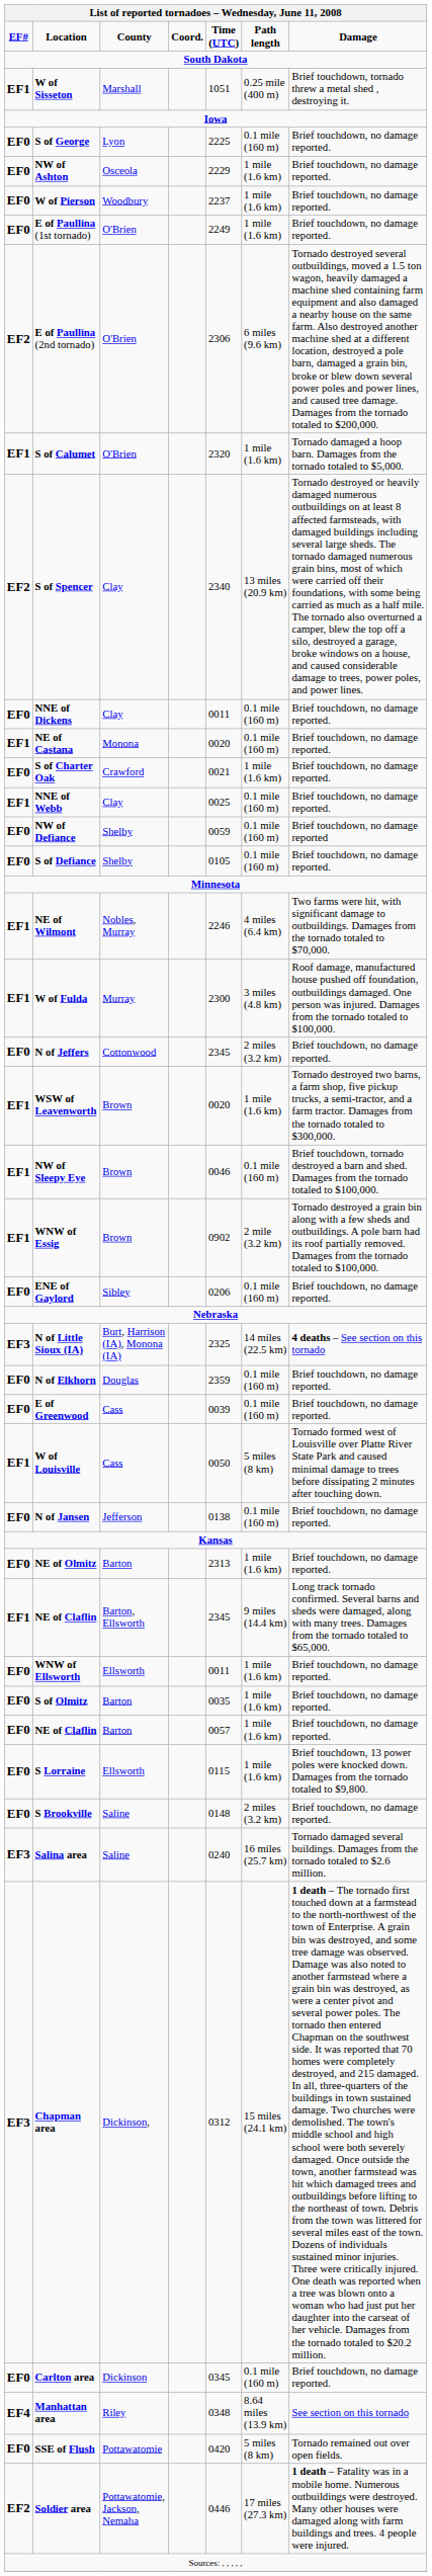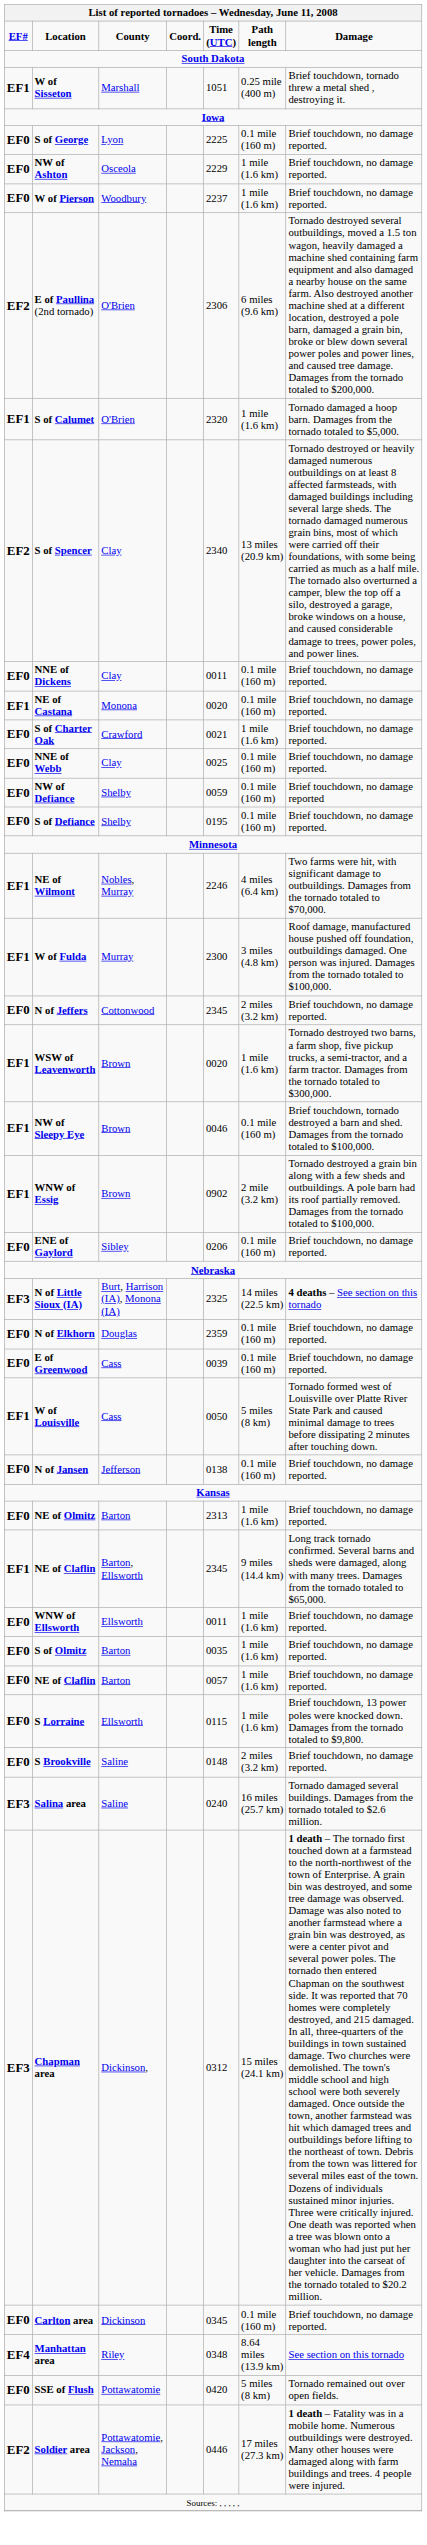 <table class="wikitable collapsible" width="100%">
 <tr>
 <th colspan="7">List of reported tornadoes – Wednesday, June 11, 2008</th>
 </tr>
 <tr>
 <td style="text-align:center;"><strong><a href='#'>EF#</a></strong></td>
 <td style="text-align:center;"><strong>Location</strong></td>
 <td style="text-align:center;"><strong>County</strong></td>
 <td style="text-align:center;"><strong>Coord.</strong></td>
 <td style="text-align:center;"><strong>Time (<a href='#'>UTC</a>)</strong></td>
 <td style="text-align:center;"><strong>Path length</strong></td>
 <td style="text-align:center;"><strong>Damage</strong></td>
 </tr>
 <tr>
 <td colspan="7" align=center><strong><a href='#'>South Dakota</a></strong></td>
 </tr>
 <tr>
 <td><big><strong>EF1</strong></big></td>
 <td><strong>W of <a href='#'>Sisseton</a></strong></td>
 <td><a href='#'>Marshall</a></td>
 <td></td>
 <td>1051</td>
 <td>0.25 mile<br>(400 m)</td>
 <td>Brief touchdown, tornado threw a metal shed , destroying it.</td>
 </tr>
 <tr>
 <td colspan="7" align=center><strong><a href='#'>Iowa</a></strong></td>
 </tr>
 <tr>
 <td><big><strong>EF0</strong></big></td>
 <td><strong>S of <a href='#'>George</a></strong></td>
 <td><a href='#'>Lyon</a></td>
 <td></td>
 <td>2225</td>
 <td>0.1 mile<br>(160 m)</td>
 <td>Brief touchdown, no damage reported.</td>
 </tr>
 <tr>
 <td><big><strong>EF0</strong></big></td>
 <td><strong>NW of <a href='#'>Ashton</a></strong></td>
 <td><a href='#'>Osceola</a></td>
 <td></td>
 <td>2229</td>
 <td>1 mile<br>(1.6 km)</td>
 <td>Brief touchdown, no damage reported.</td>
 </tr>
 <tr>
 <td><big><strong>EF0</strong></big></td>
 <td><strong>W of <a href='#'>Pierson</a></strong></td>
 <td><a href='#'>Woodbury</a></td>
 <td></td>
 <td>2237</td>
-<td>1 mile<br>(1.6 km)</td>
-<td>Brief touchdown, no damage reported.</td>
-</tr>
-<tr>
-<td><big><strong>EF0</strong></big></td>
-<td><strong>E of <a href='#'>Paullina</a></strong> (1st tornado)</td>
-<td><a href='#'>O'Brien</a></td>
-<td></td>
-<td>2249</td>
 <td>1 mile<br>(1.6 km)</td>
 <td>Brief touchdown, no damage reported.</td>
 </tr>
 <tr>
 <td><big><strong>EF2</strong></big></td>
 <td><strong>E of <a href='#'>Paullina</a></strong> (2nd tornado)</td>
 <td><a href='#'>O'Brien</a></td>
 <td></td>
 <td>2306</td>
 <td>6 miles<br>(9.6 km)</td>
 <td>Tornado destroyed several outbuildings, moved a 1.5 ton wagon, heavily damaged a machine shed containing farm equipment and also damaged a nearby house on the same farm. Also destroyed another machine shed at a different location, destroyed a pole barn, damaged a grain bin, broke or blew down several power poles and power lines, and caused tree damage. Damages from the tornado totaled to $200,000.</td>
 </tr>
 <tr>
 <td><big><strong>EF1</strong></big></td>
 <td><strong>S of <a href='#'>Calumet</a></strong></td>
 <td><a href='#'>O'Brien</a></td>
 <td></td>
 <td>2320</td>
 <td>1 mile<br>(1.6 km)</td>
 <td>Tornado damaged a hoop barn. Damages from the tornado totaled to $5,000.</td>
 </tr>
 <tr>
 <td><big><strong>EF2</strong></big></td>
 <td><strong>S of <a href='#'>Spencer</a></strong></td>
 <td><a href='#'>Clay</a></td>
 <td></td>
 <td>2340</td>
 <td>13 miles<br>(20.9 km)</td>
 <td>Tornado destroyed or heavily damaged numerous outbuildings on at least 8 affected farmsteads, with damaged buildings including several large sheds. The tornado damaged numerous grain bins, most of which were carried off their foundations, with some being carried as much as a half mile. The tornado also overturned a camper, blew the top off a silo, destroyed a garage, broke windows on a house, and caused considerable damage to trees, power poles, and power lines.</td>
 </tr>
 <tr>
 <td><big><strong>EF0</strong></big></td>
 <td><strong>NNE of <a href='#'>Dickens</a></strong></td>
 <td><a href='#'>Clay</a></td>
 <td></td>
 <td>0011</td>
 <td>0.1 mile<br>(160 m)</td>
 <td>Brief touchdown, no damage reported.</td>
 </tr>
 <tr>
 <td><big><strong>EF1</strong></big></td>
 <td><strong>NE of <a href='#'>Castana</a></strong></td>
 <td><a href='#'>Monona</a></td>
 <td></td>
 <td>0020</td>
 <td>0.1 mile<br>(160 m)</td>
 <td>Brief touchdown, no damage reported.</td>
 </tr>
 <tr>
 <td><big><strong>EF0</strong></big></td>
 <td><strong>S of <a href='#'>Charter Oak</a></strong></td>
 <td><a href='#'>Crawford</a></td>
 <td></td>
 <td>0021</td>
 <td>1 mile<br>(1.6 km)</td>
 <td>Brief touchdown, no damage reported.</td>
 </tr>
 <tr>
-<td><big><strong>EF1</strong></big></td>
+<td><big><strong>EF0</strong></big></td>
 <td><strong>NNE of <a href='#'>Webb</a></strong></td>
 <td><a href='#'>Clay</a></td>
 <td></td>
 <td>0025</td>
 <td>0.1 mile<br>(160 m)</td>
 <td>Brief touchdown, no damage reported.</td>
 </tr>
 <tr>
 <td><big><strong>EF0</strong></big></td>
 <td><strong>NW of <a href='#'>Defiance</a></strong></td>
 <td><a href='#'>Shelby</a></td>
 <td></td>
 <td>0059</td>
 <td>0.1 mile<br>(160 m)</td>
 <td>Brief touchdown, no damage reported</td>
 </tr>
 <tr>
 <td><big><strong>EF0</strong></big></td>
 <td><strong>S of <a href='#'>Defiance</a></strong></td>
 <td><a href='#'>Shelby</a></td>
 <td></td>
-<td>0105</td>
+<td>0195</td>
 <td>0.1 mile<br>(160 m)</td>
 <td>Brief touchdown, no damage reported.</td>
 </tr>
 <tr>
 <td colspan="7" align=center><strong><a href='#'>Minnesota</a></strong></td>
 </tr>
 <tr>
 <td><big><strong>EF1</strong></big></td>
 <td><strong>NE of <a href='#'>Wilmont</a></strong></td>
 <td><a href='#'>Nobles</a>, <a href='#'>Murray</a></td>
 <td></td>
 <td>2246</td>
 <td>4 miles<br>(6.4 km)</td>
 <td>Two farms were hit, with significant damage to outbuildings. Damages from the tornado totaled to $70,000.</td>
 </tr>
 <tr>
 <td><big><strong>EF1</strong></big></td>
 <td><strong>W of <a href='#'>Fulda</a></strong></td>
 <td><a href='#'>Murray</a></td>
 <td><br></td>
 <td>2300</td>
 <td>3 miles<br>(4.8 km)</td>
 <td>Roof damage, manufactured house pushed off foundation, outbuildings damaged. One person was injured. Damages from the tornado totaled to $100,000.</td>
 </tr>
 <tr>
 <td><big><strong>EF0</strong></big></td>
 <td><strong>N of <a href='#'>Jeffers</a></strong></td>
 <td><a href='#'>Cottonwood</a></td>
 <td></td>
 <td>2345</td>
 <td>2 miles<br>(3.2 km)</td>
 <td>Brief touchdown, no damage reported.</td>
 </tr>
 <tr>
 <td><big><strong>EF1</strong></big></td>
 <td><strong>WSW of <a href='#'>Leavenworth</a></strong></td>
 <td><a href='#'>Brown</a></td>
 <td></td>
 <td>0020</td>
 <td>1 mile<br>(1.6 km)</td>
 <td>Tornado destroyed two barns, a farm shop, five pickup trucks, a semi-tractor, and a farm tractor. Damages from the tornado totaled to $300,000.</td>
 </tr>
 <tr>
 <td><big><strong>EF1</strong></big></td>
 <td><strong>NW of <a href='#'>Sleepy Eye</a></strong></td>
 <td><a href='#'>Brown</a></td>
 <td></td>
 <td>0046</td>
 <td>0.1 mile<br>(160 m)</td>
 <td>Brief touchdown, tornado destroyed a barn and shed. Damages from the tornado totaled to $100,000.</td>
 </tr>
 <tr>
 <td><big><strong>EF1</strong></big></td>
 <td><strong>WNW of <a href='#'>Essig</a></strong></td>
 <td><a href='#'>Brown</a></td>
 <td></td>
 <td>0902</td>
 <td>2 mile<br>(3.2 km)</td>
 <td>Tornado destroyed a grain bin along with a few sheds and outbuildings. A pole barn had its roof partially removed. Damages from the tornado totaled to $100,000.</td>
 </tr>
 <tr>
 <td><big><strong>EF0</strong></big></td>
 <td><strong>ENE of <a href='#'>Gaylord</a></strong></td>
 <td><a href='#'>Sibley</a></td>
 <td></td>
 <td>0206</td>
 <td>0.1 mile<br>(160 m)</td>
 <td>Brief touchdown, no damage reported.</td>
 </tr>
 <tr>
 <td colspan="7" align=center><strong><a href='#'>Nebraska</a></strong></td>
 </tr>
 <tr>
 <td><big><strong>EF3</strong></big></td>
 <td><strong>N of <a href='#'>Little Sioux (IA)</a></strong></td>
 <td><a href='#'>Burt</a>, <a href='#'>Harrison (IA)</a>, <a href='#'>Monona (IA)</a></td>
 <td></td>
 <td>2325</td>
 <td>14 miles<br>(22.5 km)</td>
 <td><strong>4 deaths</strong> – <a href='#'>See section on this tornado</a></td>
 </tr>
 <tr>
 <td><big><strong>EF0</strong></big></td>
 <td><strong>N of <a href='#'>Elkhorn</a></strong></td>
 <td><a href='#'>Douglas</a></td>
 <td></td>
 <td>2359</td>
 <td>0.1 mile<br>(160 m)</td>
 <td>Brief touchdown, no damage reported.</td>
 </tr>
 <tr>
 <td><big><strong>EF0</strong></big></td>
 <td><strong>E of <a href='#'>Greenwood</a></strong></td>
 <td><a href='#'>Cass</a></td>
 <td></td>
 <td>0039</td>
 <td>0.1 mile<br>(160 m)</td>
 <td>Brief touchdown, no damage reported.</td>
 </tr>
 <tr>
 <td><big><strong>EF1</strong></big></td>
 <td><strong>W of <a href='#'>Louisville</a></strong></td>
 <td><a href='#'>Cass</a></td>
 <td></td>
 <td>0050</td>
 <td>5 miles<br>(8 km)</td>
 <td>Tornado formed  west of Louisville over Platte River State Park and caused minimal damage to trees before dissipating 2 minutes after touching down.</td>
 </tr>
 <tr>
 <td><big><strong>EF0</strong></big></td>
 <td><strong>N of <a href='#'>Jansen</a></strong></td>
 <td><a href='#'>Jefferson</a></td>
 <td></td>
 <td>0138</td>
 <td>0.1 mile<br>(160 m)</td>
 <td>Brief touchdown, no damage reported.</td>
 </tr>
 <tr>
 <td colspan="7" align=center><strong><a href='#'>Kansas</a></strong></td>
 </tr>
 <tr>
 <td><big><strong>EF0</strong></big></td>
 <td><strong>NE of <a href='#'>Olmitz</a></strong></td>
 <td><a href='#'>Barton</a></td>
 <td></td>
 <td>2313</td>
 <td>1 mile<br>(1.6 km)</td>
 <td>Brief touchdown, no damage reported.</td>
 </tr>
 <tr>
 <td><big><strong>EF1</strong></big></td>
 <td><strong>NE of <a href='#'>Claflin</a></strong></td>
 <td><a href='#'>Barton</a>, <a href='#'>Ellsworth</a></td>
 <td></td>
 <td>2345</td>
 <td>9 miles<br>(14.4 km)</td>
 <td>Long track tornado confirmed. Several barns and sheds were damaged, along with many trees. Damages from the tornado totaled to $65,000.</td>
 </tr>
 <tr>
 <td><big><strong>EF0</strong></big></td>
 <td><strong>WNW of <a href='#'>Ellsworth</a></strong></td>
 <td><a href='#'>Ellsworth</a></td>
 <td></td>
 <td>0011</td>
 <td>1 mile<br>(1.6 km)</td>
 <td>Brief touchdown, no damage reported.</td>
 </tr>
 <tr>
 <td><big><strong>EF0</strong></big></td>
 <td><strong>S of <a href='#'>Olmitz</a></strong></td>
 <td><a href='#'>Barton</a></td>
 <td></td>
 <td>0035</td>
 <td>1 mile<br>(1.6 km)</td>
 <td>Brief touchdown, no damage reported.</td>
 </tr>
 <tr>
 <td><big><strong>EF0</strong></big></td>
 <td><strong>NE of <a href='#'>Claflin</a></strong></td>
 <td><a href='#'>Barton</a></td>
 <td></td>
 <td>0057</td>
 <td>1 mile<br>(1.6 km)</td>
 <td>Brief touchdown, no damage reported.</td>
 </tr>
 <tr>
 <td><big><strong>EF0</strong></big></td>
 <td><strong>S <a href='#'>Lorraine</a></strong></td>
 <td><a href='#'>Ellsworth</a></td>
 <td></td>
 <td>0115</td>
 <td>1 mile<br>(1.6 km)</td>
 <td>Brief touchdown, 13 power poles were knocked down. Damages from the tornado totaled to $9,800.</td>
 </tr>
 <tr>
 <td><big><strong>EF0</strong></big></td>
 <td><strong>S <a href='#'>Brookville</a></strong></td>
 <td><a href='#'>Saline</a></td>
 <td></td>
 <td>0148</td>
 <td>2 miles<br>(3.2 km)</td>
 <td>Brief touchdown, no damage reported.</td>
 </tr>
 <tr>
 <td><big><strong>EF3</strong></big></td>
 <td><strong><a href='#'>Salina</a> area</strong></td>
 <td><a href='#'>Saline</a></td>
 <td></td>
 <td>0240</td>
 <td>16 miles<br>(25.7 km)</td>
 <td>Tornado damaged several buildings. Damages from the tornado totaled to $2.6 million.</td>
 </tr>
 <tr>
 <td><big><strong>EF3</strong></big></td>
 <td><strong><a href='#'>Chapman</a> area</strong></td>
 <td><a href='#'>Dickinson</a>,</td>
 <td></td>
 <td>0312</td>
 <td>15 miles<br>(24.1 km)</td>
 <td><strong>1 death</strong> – The tornado first touched down at a farmstead to the north-northwest of the town of Enterprise. A grain bin was destroyed, and some tree damage was observed. Damage was also noted to another farmstead where a grain bin was destroyed, as were a center pivot and several power poles. The tornado then entered Chapman on the southwest side. It was reported that 70 homes were completely destroyed, and 215 damaged. In all, three-quarters of the buildings in town sustained damage. Two churches were demolished. The town's middle school and high school were both severely damaged. Once outside the town, another farmstead was hit which damaged trees and outbuildings before lifting to the northeast of town. Debris from the town was littered for several miles east of the town. Dozens of individuals sustained minor injuries. Three were critically injured. One death was reported when a tree was blown onto a woman who had just put her daughter into the carseat of her vehicle. Damages from the tornado totaled to $20.2 million.</td>
 </tr>
 <tr>
 <td><big><strong>EF0</strong></big></td>
 <td><strong><a href='#'>Carlton</a> area</strong></td>
 <td><a href='#'>Dickinson</a></td>
 <td></td>
 <td>0345</td>
 <td>0.1 mile<br>(160 m)</td>
 <td>Brief touchdown, no damage reported.</td>
 </tr>
 <tr>
 <td><big><strong>EF4</strong></big></td>
 <td><strong><a href='#'>Manhattan</a> area</strong></td>
 <td><a href='#'>Riley</a></td>
 <td></td>
 <td>0348</td>
 <td>8.64 miles<br>(13.9 km)</td>
 <td><a href='#'>See section on this tornado</a></td>
 </tr>
 <tr>
 <td><big><strong>EF0</strong></big></td>
 <td><strong>SSE of <a href='#'>Flush</a></strong></td>
 <td><a href='#'>Pottawatomie</a></td>
 <td></td>
 <td>0420</td>
 <td>5 miles<br>(8 km)</td>
 <td>Tornado remained out over open fields.</td>
 </tr>
 <tr>
 <td><big><strong>EF2</strong></big></td>
 <td><strong><a href='#'>Soldier</a> area</strong></td>
 <td><a href='#'>Pottawatomie</a>, <a href='#'>Jackson</a>,  <a href='#'>Nemaha</a></td>
 <td></td>
 <td>0446</td>
 <td>17 miles<br>(27.3 km)</td>
 <td><strong>1 death</strong> – Fatality was in a mobile home. Numerous outbuildings were destroyed. Many other houses were damaged along with farm buildings and trees. 4 people were injured.</td>
 </tr>
 <tr>
 <td colspan="7" align=center><small>Sources: , , , , ,  </small></td>
 </tr>
 <tr>
 </tr>
 </table>
